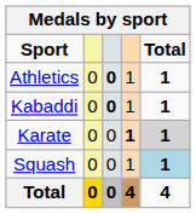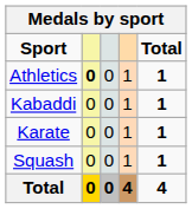 <table class=wikitable style="font-size:85%; float:right;text-align:center">
 <tr bgcolor=EFEFEF>
 <th colspan=7>Medals by sport</th>
 </tr>
 <tr>
 <td><strong>Sport</strong></td>
 <td bgcolor=F7F6A8></td>
 <td bgcolor=DCE5E5></td>
 <td bgcolor=FFDBA9></td>
 <td><strong>Total</strong></td>
 </tr>
 <tr>
 <td><a href='#'>Athletics</a></td>
-<td bgcolor=F7F6A8>0</td>
-<td bgcolor=DCE5E5><strong>0</strong></td>
+<td bgcolor=F7F6A8><strong>0</strong></td>
+<td bgcolor=DCE5E5>0</td>
 <td bgcolor=FFDAB9>1</td>
 <td><strong>1</strong></td>
 </tr>
 <tr>
 <td><a href='#'>Kabaddi</a></td>
 <td bgcolor=F7F6A8>0</td>
-<td bgcolor=DCE5E5><strong>0</strong></td>
+<td bgcolor=DCE5E5>0</td>
 <td bgcolor=FFDAB9>1</td>
 <td><strong>1</strong></td>
 </tr>
 <tr>
 <td><a href='#'>Karate</a></td>
 <td bgcolor=F7F6A8>0</td>
 <td bgcolor=DCE5E5>0</td>
-<td bgcolor=FFDAB9><strong>1</strong></td>
-<td style="background: lightgrey;"><strong>1</strong></td>
+<td bgcolor=FFDAB9>1</td>
+<td><strong>1</strong></td>
 </tr>
 <tr>
 <td><a href='#'>Squash</a></td>
 <td bgcolor=F7F6A8>0</td>
 <td bgcolor=DCE5E5>0</td>
 <td bgcolor=FFDAB9>1</td>
-<td style="background: lightblue;"><strong>1</strong></td>
+<td><strong>1</strong></td>
 </tr>
 <tr>
 <th>Total</th>
 <td style="background:gold;"><strong>0</strong></td>
 <td style="background:silver;"><strong>0</strong></td>
 <td style="background:#c96;"><strong>4</strong></td>
 <td><strong>4</strong></td>
 </tr>
 </table>
